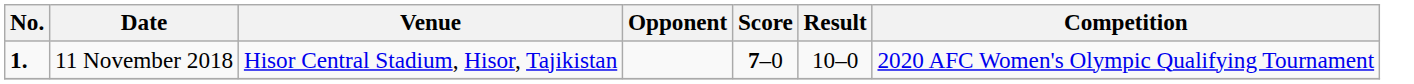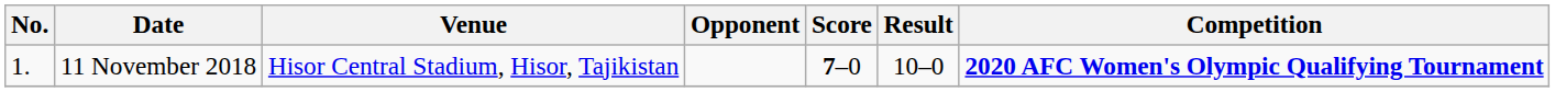 <table class="wikitable">
 <tr>
 <th>No.</th>
 <th>Date</th>
 <th>Venue</th>
 <th>Opponent</th>
 <th>Score</th>
 <th>Result</th>
 <th>Competition</th>
 </tr>
 <tr>
-<td><strong>1.</strong></td>
+<td>1.</td>
 <td>11 November 2018</td>
 <td><a href='#'>Hisor Central Stadium</a>, <a href='#'>Hisor</a>, <a href='#'>Tajikistan</a></td>
 <td></td>
 <td align=center><strong>7</strong>–0</td>
 <td align=center>10–0</td>
-<td><a href='#'>2020 AFC Women's Olympic Qualifying Tournament</a></td>
+<td><strong><a href='#'>2020 AFC Women's Olympic Qualifying Tournament</a></strong></td>
 </tr>
 <tr>
 </tr>
 </table>
